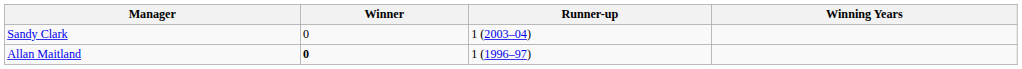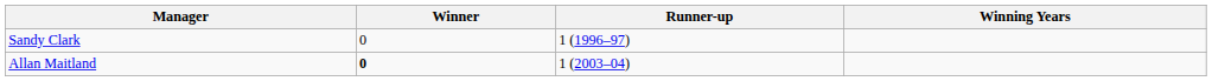 <table class="wikitable" style="font-size:95%; width:80%">
 <tr>
 <th>Manager</th>
 <th>Winner</th>
 <th>Runner-up</th>
 <th>Winning Years</th>
 </tr>
 <tr>
 <td><a href='#'>Sandy Clark</a></td>
 <td>0</td>
-<td>1 (<a href='#'>2003–04</a>)</td>
+<td>1 (<a href='#'>1996–97</a>)</td>
 </tr>
 <tr>
 <td><a href='#'>Allan Maitland</a></td>
 <td><strong>0</strong></td>
-<td>1 (<a href='#'>1996–97</a>)</td>
+<td>1 (<a href='#'>2003–04</a>)</td>
 <td></td>
 </tr>
 </table>
